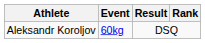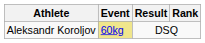 <table class=wikitable style="font-size:90%">
 <tr>
 <th>Athlete</th>
 <th>Event</th>
 <th>Result</th>
 <th>Rank</th>
 </tr>
 <tr>
 <td>Aleksandr Koroljov</td>
-<td><a href='#'>60kg</a></td>
+<td style="background: khaki;"><a href='#'>60kg</a></td>
 <td style="text-align:center;" colspan="2">DSQ</td>
 </tr>
 </table>
